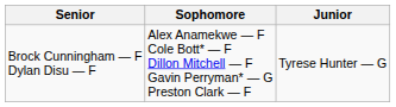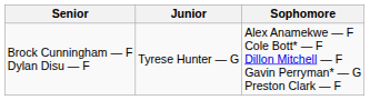 <table class="wikitable">
 <tr>
 <th style="text-align:center; ">Senior</th>
+<th style="text-align:center; ">Junior</th>
 <th style="text-align:center; ">Sophomore</th>
-<th style="text-align:center; ">Junior</th>
 </tr>
 <tr align="left">
 <td>Brock Cunningham —  F<br>Dylan Disu — F</td>
+<td>Tyrese Hunter — G</td>
 <td>Alex Anamekwe — F<br>Cole Bott* — F<br><a href='#'>Dillon Mitchell</a> — F<br>Gavin Perryman* — G<br>Preston Clark — F</td>
-<td>Tyrese Hunter — G</td>
 </tr>
 </table>
